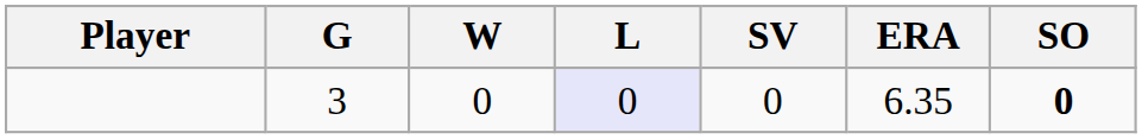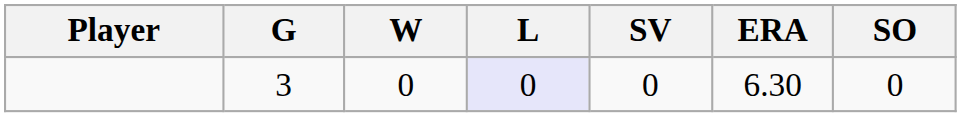 <table class="wikitable sortable">
 <tr>
 <th bgcolor="#DDDDFF" width="16%">Player</th>
 <th bgcolor="#DDDDFF" width="9%">G</th>
 <th bgcolor="#DDDDFF" width="9%">W</th>
 <th bgcolor="#DDDDFF" width="9%">L</th>
 <th bgcolor="#DDDDFF" width="9%">SV</th>
 <th bgcolor="#DDDDFF" width="9%">ERA</th>
 <th bgcolor="#DDDDFF" width="9%">SO</th>
 </tr>
 <tr align="center">
 <td></td>
 <td>3</td>
 <td>0</td>
 <td style="background: lavender;">0</td>
 <td>0</td>
-<td>6.35</td>
-<td><strong>0</strong></td>
+<td>6.30</td>
+<td>0</td>
 </tr>
 </table>
